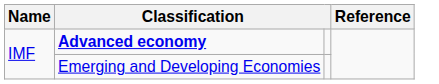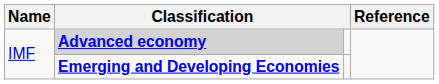 <table class="wikitable sortable" style="text-align:left">
 <tr>
 <th>Name</th>
 <th colspan="2">Classification</th>
 <th>Reference</th>
 </tr>
 <tr>
 <td rowspan="2"><a href='#'>IMF</a></td>
-<td><a href='#'><strong>Advanced economy</strong></a></td>
+<td style="background: lightgrey;"><a href='#'><strong>Advanced economy</strong></a></td>
 <td></td>
 <td rowspan="2"></td>
 </tr>
 <tr>
-<td><a href='#'>Emerging and Developing Economies</a></td>
+<td><strong><a href='#'>Emerging and Developing Economies</a></strong></td>
 <td></td>
 </tr>
 </table>
